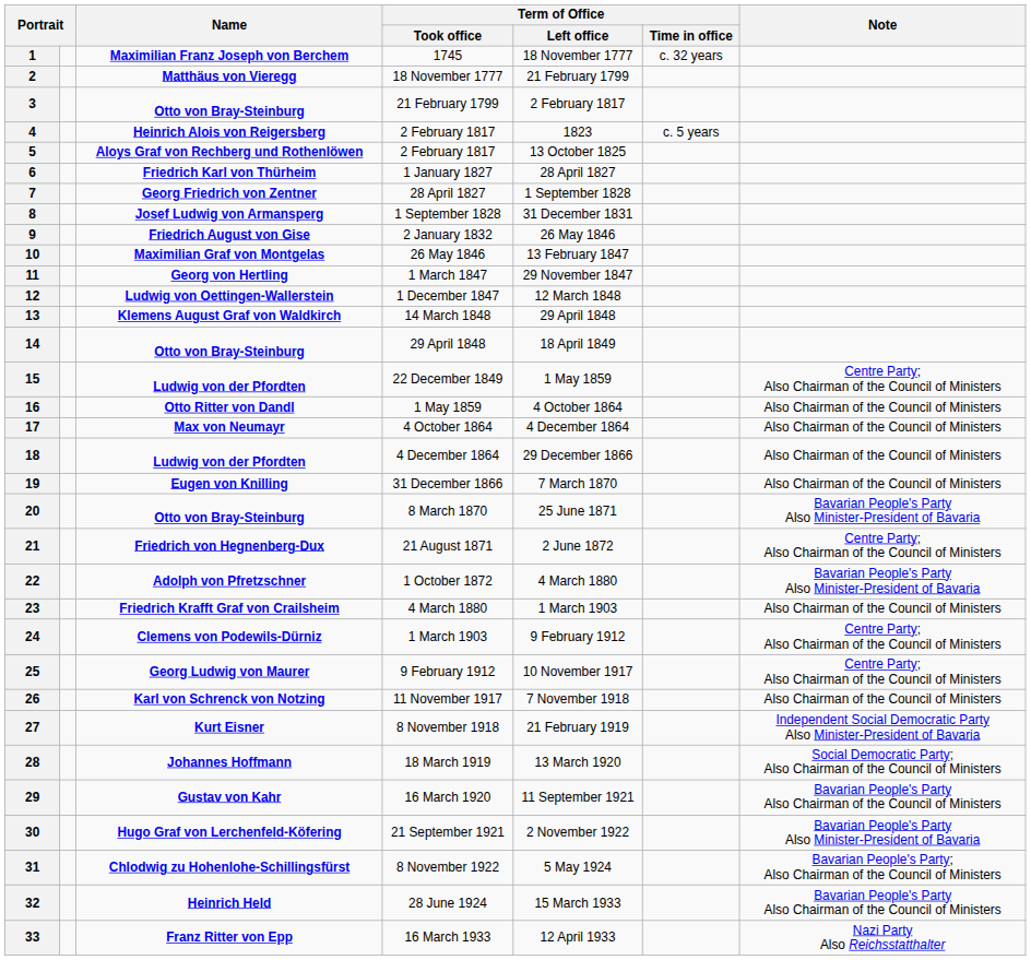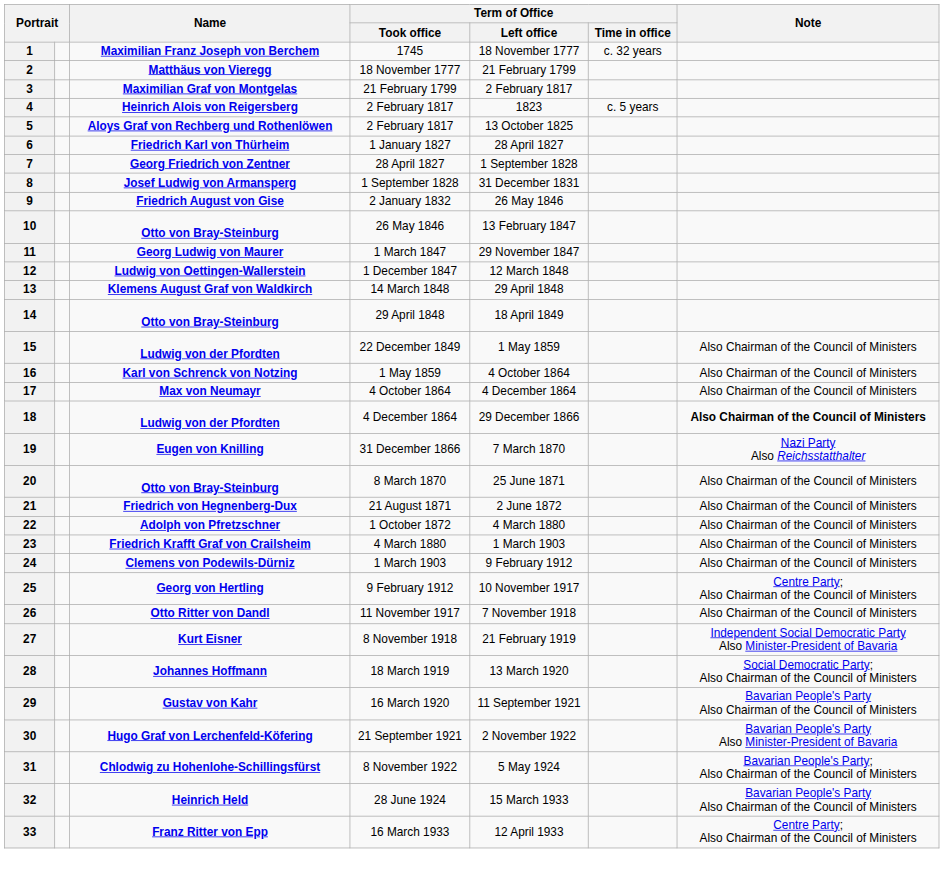 <table class="wikitable" style="text-align:center; width:100%; border:1px #AAAAFF solid">
 <tr>
 <th width=80px rowspan=2 colspan=2>Portrait</th>
 <th width=30% rowspan=2>Name<br></th>
 <th width=35% colspan=3>Term of Office</th>
 <th width=28% rowspan=2>Note</th>
 </tr>
 <tr>
 <th>Took office</th>
 <th>Left office</th>
 <th>Time in office</th>
 </tr>
 <tr>
 <th style="background:">1</th>
 <td></td>
 <td><strong><a href='#'>Maximilian Franz Joseph von Berchem</a></strong><br></td>
 <td>1745</td>
 <td>18 November 1777</td>
 <td>c. 32 years</td>
 <td></td>
 </tr>
 <tr>
 <th style="background:">2</th>
 <td></td>
 <td><strong><a href='#'>Matthäus von Vieregg</a></strong><br></td>
 <td>18 November 1777</td>
 <td>21 February 1799</td>
 <td></td>
 <td></td>
 </tr>
 <tr>
 <th style="background:">3</th>
 <td></td>
-<td><br><strong><a href='#'>Otto von Bray-Steinburg</a></strong><br></td>
+<td><strong><a href='#'>Maximilian Graf von Montgelas</a></strong><br></td>
 <td>21 February 1799</td>
 <td>2 February 1817</td>
 <td></td>
 <td></td>
 </tr>
 <tr>
 <th style="background:">4</th>
 <td></td>
 <td><strong><a href='#'>Heinrich Alois von Reigersberg</a></strong><br></td>
 <td>2 February 1817</td>
 <td>1823</td>
 <td>c. 5 years</td>
 <td></td>
 </tr>
 <tr>
 <th style="background:">5</th>
 <td></td>
 <td><strong><a href='#'>Aloys Graf von Rechberg und Rothenlöwen</a></strong><br></td>
 <td>2 February 1817</td>
 <td>13 October 1825</td>
 <td></td>
 <td></td>
 </tr>
 <tr>
 <th style="background:">6</th>
 <td></td>
 <td><strong><a href='#'>Friedrich Karl von Thürheim</a></strong><br></td>
 <td>1 January 1827</td>
 <td>28 April 1827</td>
 <td></td>
 <td></td>
 </tr>
 <tr>
 <th style="background:">7</th>
 <td></td>
 <td><strong><a href='#'>Georg Friedrich von Zentner</a></strong><br></td>
 <td>28 April 1827</td>
 <td>1 September 1828</td>
 <td></td>
 <td></td>
 </tr>
 <tr>
 <th style="background:">8</th>
 <td></td>
 <td><strong><a href='#'>Josef Ludwig von Armansperg</a></strong><br></td>
 <td>1 September 1828</td>
 <td>31 December 1831</td>
 <td></td>
 <td></td>
 </tr>
 <tr>
 <th style="background:">9</th>
 <td></td>
 <td><strong><a href='#'>Friedrich August von Gise</a></strong><br></td>
 <td>2 January 1832</td>
 <td>26 May 1846</td>
 <td></td>
 <td></td>
 </tr>
 <tr>
 <th style="background:">10</th>
 <td></td>
-<td><strong><a href='#'>Maximilian Graf von Montgelas</a></strong><br></td>
+<td><br><strong><a href='#'>Otto von Bray-Steinburg</a></strong><br></td>
 <td>26 May 1846</td>
 <td>13 February 1847</td>
 <td></td>
 <td></td>
 </tr>
 <tr>
 <th style="background:">11</th>
 <td></td>
-<td><strong><a href='#'>Georg von Hertling</a></strong><br></td>
+<td><strong><a href='#'>Georg Ludwig von Maurer</a></strong><br></td>
 <td>1 March 1847</td>
 <td>29 November 1847</td>
 <td></td>
 <td></td>
 </tr>
 <tr>
 <th style="background:">12</th>
 <td></td>
 <td><strong><a href='#'>Ludwig von Oettingen-Wallerstein</a></strong><br></td>
 <td>1 December 1847</td>
 <td>12 March 1848</td>
 <td></td>
 <td></td>
 </tr>
 <tr>
 <th style="background:">13</th>
 <td></td>
 <td><strong><a href='#'>Klemens August Graf von Waldkirch</a></strong><br></td>
 <td>14 March 1848</td>
 <td>29 April 1848</td>
 <td></td>
 <td></td>
 </tr>
 <tr>
 <th style="background:">14</th>
 <td></td>
 <td><br><strong><a href='#'>Otto von Bray-Steinburg</a></strong><br></td>
 <td>29 April 1848</td>
 <td>18 April 1849</td>
 <td></td>
 <td></td>
 </tr>
 <tr>
 <th style="background:">15</th>
 <td></td>
 <td><br><strong><a href='#'>Ludwig von der Pfordten</a></strong><br></td>
 <td>22 December 1849</td>
 <td>1 May 1859</td>
 <td></td>
-<td><a href='#'>Centre Party</a>;<br>Also Chairman of the Council of Ministers</td>
+<td>Also Chairman of the Council of Ministers</td>
 </tr>
 <tr>
 <th style="background:">16</th>
 <td></td>
-<td><strong><a href='#'>Otto Ritter von Dandl</a></strong><br></td>
+<td><strong><a href='#'>Karl von Schrenck von Notzing</a></strong><br></td>
 <td>1 May 1859</td>
 <td>4 October 1864</td>
 <td></td>
 <td>Also Chairman of the Council of Ministers</td>
 </tr>
 <tr>
 <th style="background:">17</th>
 <td></td>
 <td><strong><a href='#'>Max von Neumayr</a></strong><br></td>
 <td>4 October 1864</td>
 <td>4 December 1864</td>
 <td></td>
 <td>Also Chairman of the Council of Ministers</td>
 </tr>
 <tr>
 <th style="background:">18</th>
 <td></td>
 <td><br><strong><a href='#'>Ludwig von der Pfordten</a></strong><br></td>
 <td>4 December 1864</td>
 <td>29 December 1866</td>
 <td></td>
-<td>Also Chairman of the Council of Ministers</td>
+<td><strong>Also Chairman of the Council of Ministers</strong></td>
 </tr>
 <tr>
 <th style="background:">19</th>
 <td></td>
 <td><strong><a href='#'>Eugen von Knilling</a></strong><br></td>
 <td>31 December 1866</td>
 <td>7 March 1870</td>
 <td></td>
-<td>Also Chairman of the Council of Ministers</td>
+<td><a href='#'>Nazi Party</a><br>Also <em><a href='#'>Reichsstatthalter</a></em></td>
 </tr>
 <tr>
 <th style="background:">20</th>
 <td></td>
 <td><br><strong><a href='#'>Otto von Bray-Steinburg</a></strong><br></td>
 <td>8 March 1870</td>
 <td>25 June 1871</td>
 <td></td>
-<td><a href='#'>Bavarian People's Party</a><br>Also <a href='#'>Minister-President of Bavaria</a></td>
+<td>Also Chairman of the Council of Ministers</td>
 </tr>
 <tr>
 <th style="background:">21</th>
 <td></td>
 <td><strong><a href='#'>Friedrich von Hegnenberg-Dux</a></strong><br></td>
 <td>21 August 1871</td>
 <td>2 June 1872</td>
 <td></td>
-<td><a href='#'>Centre Party</a>;<br>Also Chairman of the Council of Ministers</td>
+<td>Also Chairman of the Council of Ministers</td>
 </tr>
 <tr>
 <th style="background:">22</th>
 <td></td>
 <td><strong><a href='#'>Adolph von Pfretzschner</a></strong><br></td>
 <td>1 October 1872</td>
 <td>4 March 1880</td>
 <td></td>
-<td><a href='#'>Bavarian People's Party</a><br>Also <a href='#'>Minister-President of Bavaria</a></td>
+<td>Also Chairman of the Council of Ministers</td>
 </tr>
 <tr>
 <th style="background:">23</th>
 <td></td>
 <td><strong><a href='#'>Friedrich Krafft Graf von Crailsheim</a></strong><br></td>
 <td>4 March 1880</td>
 <td>1 March 1903</td>
 <td></td>
 <td>Also Chairman of the Council of Ministers</td>
 </tr>
 <tr>
 <th style="background:">24</th>
 <td></td>
 <td><strong><a href='#'>Clemens von Podewils-Dürniz</a></strong><br></td>
 <td>1 March 1903</td>
 <td>9 February 1912</td>
 <td></td>
-<td><a href='#'>Centre Party</a>;<br>Also Chairman of the Council of Ministers</td>
+<td>Also Chairman of the Council of Ministers</td>
 </tr>
 <tr>
 <th style="background:">25</th>
 <td></td>
-<td><strong><a href='#'>Georg Ludwig von Maurer</a></strong><br></td>
+<td><strong><a href='#'>Georg von Hertling</a></strong><br></td>
 <td>9 February 1912</td>
 <td>10 November 1917</td>
 <td></td>
 <td><a href='#'>Centre Party</a>;<br>Also Chairman of the Council of Ministers</td>
 </tr>
 <tr>
 <th style="background:">26</th>
 <td></td>
-<td><strong><a href='#'>Karl von Schrenck von Notzing</a></strong><br></td>
+<td><strong><a href='#'>Otto Ritter von Dandl</a></strong><br></td>
 <td>11 November 1917</td>
 <td>7 November 1918</td>
 <td></td>
 <td>Also Chairman of the Council of Ministers</td>
 </tr>
 <tr>
 <th style="background:">27</th>
 <td></td>
 <td><strong><a href='#'>Kurt Eisner</a></strong><br></td>
 <td>8 November 1918</td>
 <td>21 February 1919</td>
 <td></td>
 <td><a href='#'>Independent Social Democratic Party</a><br>Also <a href='#'>Minister-President of Bavaria</a></td>
 </tr>
 <tr>
 <th style="background:">28</th>
 <td></td>
 <td><strong><a href='#'>Johannes Hoffmann</a></strong><br></td>
 <td>18 March 1919</td>
 <td>13 March 1920</td>
 <td></td>
 <td><a href='#'>Social Democratic Party</a>;<br>Also Chairman of the Council of Ministers</td>
 </tr>
 <tr>
 <th style="background:">29</th>
 <td></td>
 <td><strong><a href='#'>Gustav von Kahr</a></strong><br></td>
 <td>16 March 1920</td>
 <td>11 September 1921</td>
 <td></td>
 <td><a href='#'>Bavarian People's Party</a><br>Also Chairman of the Council of Ministers</td>
 </tr>
 <tr>
 <th style="background:">30</th>
 <td></td>
 <td><strong><a href='#'>Hugo Graf von Lerchenfeld-Köfering</a></strong><br></td>
 <td>21 September 1921</td>
 <td>2 November 1922</td>
 <td></td>
 <td><a href='#'>Bavarian People's Party</a><br>Also <a href='#'>Minister-President of Bavaria</a></td>
 </tr>
 <tr>
 <th style="background:">31</th>
 <td></td>
 <td><strong><a href='#'>Chlodwig zu Hohenlohe-Schillingsfürst</a></strong><br></td>
 <td>8 November 1922</td>
 <td>5 May 1924</td>
 <td></td>
 <td><a href='#'>Bavarian People's Party</a>;<br>Also Chairman of the Council of Ministers</td>
 </tr>
 <tr>
 <th style="background:">32</th>
 <td></td>
 <td><strong><a href='#'>Heinrich Held</a></strong><br></td>
 <td>28 June 1924</td>
 <td>15 March 1933</td>
 <td></td>
 <td><a href='#'>Bavarian People's Party</a><br>Also Chairman of the Council of Ministers</td>
 </tr>
 <tr>
 <th style="background:">33</th>
 <td></td>
 <td><strong><a href='#'>Franz Ritter von Epp</a></strong><br></td>
 <td>16 March 1933</td>
 <td>12 April 1933</td>
 <td></td>
-<td><a href='#'>Nazi Party</a><br>Also <em><a href='#'>Reichsstatthalter</a></em></td>
+<td><a href='#'>Centre Party</a>;<br>Also Chairman of the Council of Ministers</td>
 </tr>
 </table>
